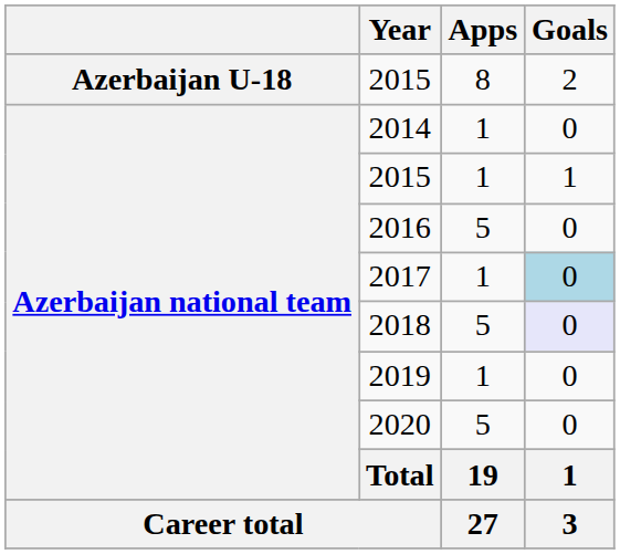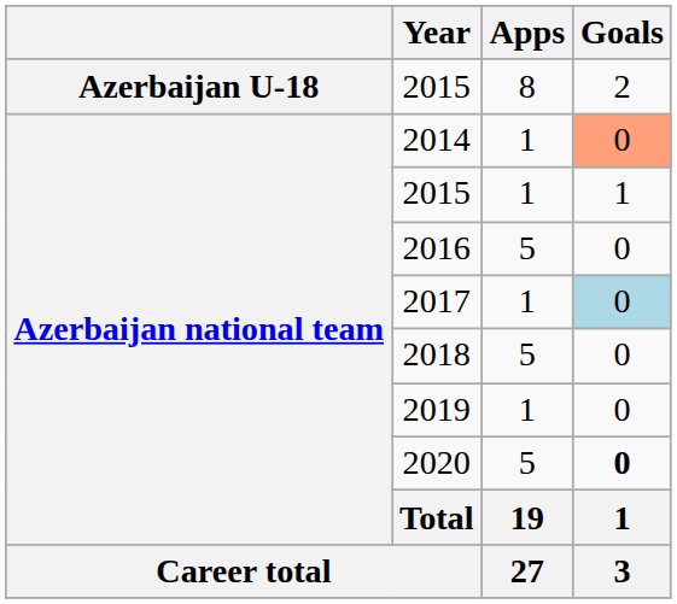 <table class="wikitable" style="text-align:center">
 <tr>
 <th></th>
 <th>Year</th>
 <th>Apps</th>
 <th>Goals</th>
 </tr>
 <tr>
 <th>Azerbaijan U-18</th>
 <td>2015</td>
 <td>8</td>
 <td>2</td>
 </tr>
 <tr>
 <th rowspan="8"><a href='#'>Azerbaijan national team</a></th>
 <td>2014</td>
 <td>1</td>
-<td>0</td>
+<td style="background: lightsalmon;">0</td>
 </tr>
 <tr>
 <td>2015</td>
 <td>1</td>
 <td>1</td>
 </tr>
 <tr>
 <td>2016</td>
 <td>5</td>
 <td>0</td>
 </tr>
 <tr>
 <td>2017</td>
 <td>1</td>
 <td style="background: lightblue;">0</td>
 </tr>
 <tr>
 <td>2018</td>
 <td>5</td>
-<td style="background: lavender;">0</td>
+<td>0</td>
 </tr>
 <tr>
 <td>2019</td>
 <td>1</td>
 <td>0</td>
 </tr>
 <tr>
 <td>2020</td>
 <td>5</td>
-<td>0</td>
+<td><strong>0</strong></td>
 </tr>
 <tr>
 <th>Total</th>
 <th>19</th>
 <th>1</th>
 </tr>
 <tr>
 <th colspan="2">Career total</th>
 <th>27</th>
 <th>3</th>
 </tr>
 </table>
